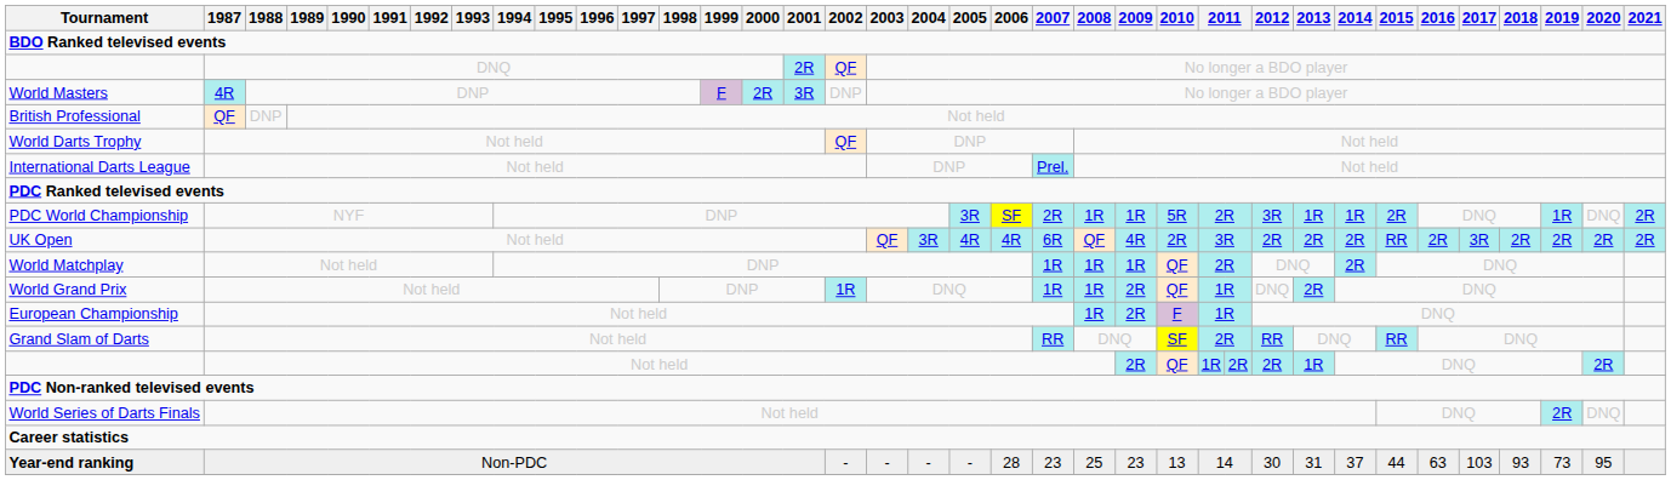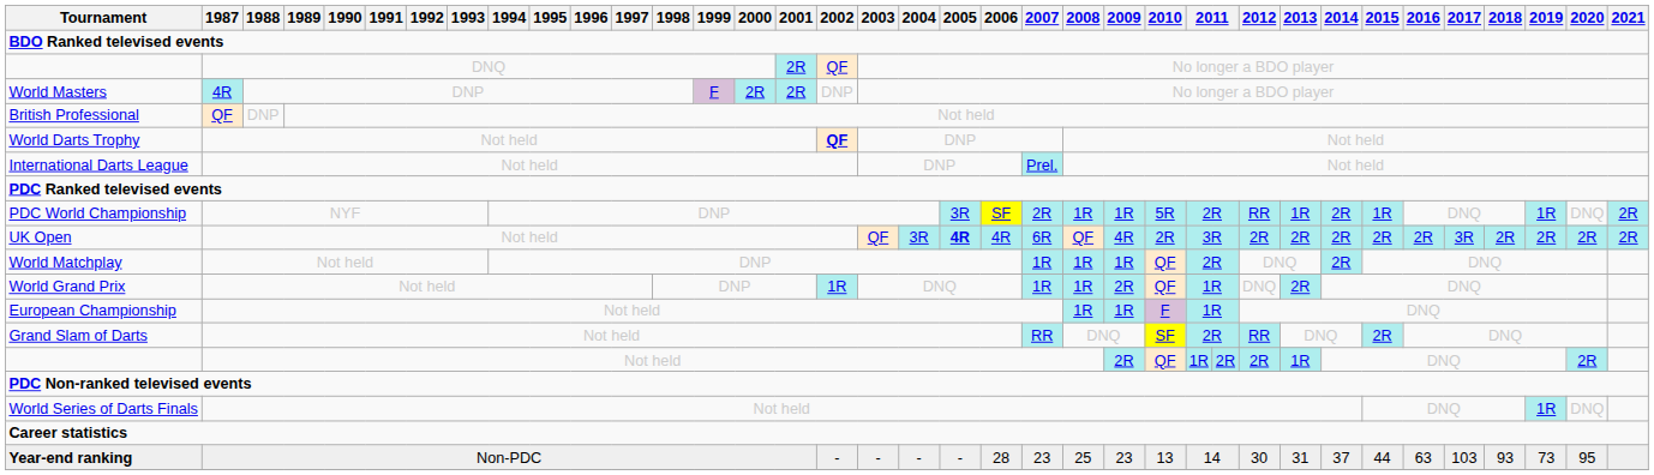 <table class=wikitable style=text-align:center;font-size:88%>
 <tr>
 <th>Tournament</th>
 <th>1987</th>
 <th>1988</th>
 <th>1989</th>
 <th>1990</th>
 <th>1991</th>
 <th>1992</th>
 <th>1993</th>
 <th>1994</th>
 <th>1995</th>
 <th>1996</th>
 <th>1997</th>
 <th>1998</th>
 <th>1999</th>
 <th>2000</th>
 <th>2001</th>
 <th>2002</th>
 <th>2003</th>
 <th>2004</th>
 <th>2005</th>
 <th>2006</th>
 <th><a href='#'>2007</a></th>
 <th><a href='#'>2008</a></th>
 <th><a href='#'>2009</a></th>
 <th><a href='#'>2010</a></th>
 <th colspan="2"><a href='#'>2011</a></th>
 <th><a href='#'>2012</a></th>
 <th><a href='#'>2013</a></th>
 <th><a href='#'>2014</a></th>
 <th><a href='#'>2015</a></th>
 <th><a href='#'>2016</a></th>
 <th><a href='#'>2017</a></th>
 <th><a href='#'>2018</a></th>
 <th><a href='#'>2019</a></th>
 <th><a href='#'>2020</a></th>
 <th><a href='#'>2021</a></th>
 </tr>
 <tr>
 <td colspan="37" align="left"><strong><a href='#'>BDO</a> Ranked televised events</strong></td>
 </tr>
 <tr>
 <td align=left></td>
 <td colspan="14" style="text-align:center; color:#ccc;">DNQ</td>
 <td style="text-align:center; background:#afeeee;"><a href='#'>2R</a></td>
 <td style="text-align:center; background:#ffebcd;"><a href='#'>QF</a></td>
 <td colspan="20" style="text-align:center; color:#ccc;">No longer a BDO player</td>
 </tr>
 <tr>
 <td align=left><a href='#'>World Masters</a></td>
 <td style="text-align:center; background:#afeeee;"><a href='#'>4R</a></td>
 <td colspan="11" style="text-align:center; color:#ccc;">DNP</td>
 <td style="text-align:center; background:thistle;"><a href='#'>F</a></td>
 <td style="text-align:center; background:#afeeee;"><a href='#'>2R</a></td>
-<td style="text-align:center; background:#afeeee;"><a href='#'>3R</a></td>
+<td style="text-align:center; background:#afeeee;"><a href='#'>2R</a></td>
 <td style="text-align:center; color:#ccc;">DNP</td>
 <td colspan="20" style="text-align:center; color:#ccc;">No longer a BDO player</td>
 </tr>
 <tr>
 <td align=left><a href='#'>British Professional</a></td>
 <td style="text-align:center; background:#ffebcd;"><a href='#'>QF</a></td>
 <td style="text-align:center; color:#ccc;">DNP</td>
 <td colspan="34" style="text-align:center; color:#ccc;">Not held</td>
 </tr>
 <tr>
 <td align=left><a href='#'>World Darts Trophy</a></td>
 <td colspan="15" style="text-align:center; color:#ccc;">Not held</td>
-<td style="text-align:center; background:#ffebcd;"><a href='#'>QF</a></td>
+<td style="text-align:center; background:#ffebcd;"><strong><a href='#'>QF</a></strong></td>
 <td colspan="5" style="text-align:center; color:#ccc;">DNP</td>
 <td colspan="15" style="text-align:center; color:#ccc;">Not held</td>
 </tr>
 <tr>
 <td align=left><a href='#'>International Darts League</a></td>
 <td colspan="16" style="text-align:center; color:#ccc;">Not held</td>
 <td colspan="4" style="text-align:center; color:#ccc;">DNP</td>
 <td style="text-align:center; background:#afeeee;"><a href='#'>Prel.</a></td>
 <td colspan="15" style="text-align:center; color:#ccc;">Not held</td>
 </tr>
 <tr>
 <td colspan="37" align="left"><strong><a href='#'>PDC</a> Ranked televised events</strong></td>
 </tr>
 <tr>
 <td align=left><a href='#'>PDC World Championship</a></td>
 <td colspan="7" style="text-align:center; color:#ccc;">NYF</td>
 <td colspan="11" style="text-align:center; color:#ccc;">DNP</td>
 <td style="text-align:center; background:#afeeee;"><a href='#'>3R</a></td>
 <td style="text-align:center; background:yellow;"><a href='#'>SF</a></td>
 <td style="text-align:center; background:#afeeee;"><a href='#'>2R</a></td>
 <td style="text-align:center; background:#afeeee;"><a href='#'>1R</a></td>
 <td style="text-align:center; background:#afeeee;"><a href='#'>1R</a></td>
 <td style="text-align:center; background:#afeeee;"><a href='#'>5R</a></td>
 <td style="text-align:center; background:#afeeee;" colspan="2"><a href='#'>2R</a></td>
-<td style="text-align:center; background:#afeeee;"><a href='#'>3R</a></td>
-<td style="text-align:center; background:#afeeee;"><a href='#'>1R</a></td>
+<td style="text-align:center; background:#afeeee;"><a href='#'>RR</a></td>
 <td style="text-align:center; background:#afeeee;"><a href='#'>1R</a></td>
 <td style="text-align:center; background:#afeeee;"><a href='#'>2R</a></td>
+<td style="text-align:center; background:#afeeee;"><a href='#'>1R</a></td>
 <td colspan="3" style="text-align:center; color:#ccc;">DNQ</td>
 <td style="text-align:center; background:#afeeee;"><a href='#'>1R</a></td>
 <td style="text-align:center; color:#ccc;">DNQ</td>
 <td style="text-align:center; background:#afeeee;"><a href='#'>2R</a></td>
 </tr>
 <tr>
 <td align=left><a href='#'>UK Open</a></td>
 <td colspan="16" style="text-align:center; color:#ccc;">Not held</td>
 <td style="text-align:center; background:#ffebcd;"><a href='#'>QF</a></td>
 <td style="text-align:center; background:#afeeee;"><a href='#'>3R</a></td>
-<td style="text-align:center; background:#afeeee;"><a href='#'>4R</a></td>
+<td style="text-align:center; background:#afeeee;"><strong><a href='#'>4R</a></strong></td>
 <td style="text-align:center; background:#afeeee;"><a href='#'>4R</a></td>
 <td style="text-align:center; background:#afeeee;"><a href='#'>6R</a></td>
 <td style="text-align:center; background:#ffebcd;"><a href='#'>QF</a></td>
 <td style="text-align:center; background:#afeeee;"><a href='#'>4R</a></td>
 <td style="text-align:center; background:#afeeee;"><a href='#'>2R</a></td>
 <td style="text-align:center; background:#afeeee;" colspan="2"><a href='#'>3R</a></td>
 <td style="text-align:center; background:#afeeee;"><a href='#'>2R</a></td>
 <td style="text-align:center; background:#afeeee;"><a href='#'>2R</a></td>
 <td style="text-align:center; background:#afeeee;"><a href='#'>2R</a></td>
-<td style="text-align:center; background:#afeeee;"><a href='#'>RR</a></td>
+<td style="text-align:center; background:#afeeee;"><a href='#'>2R</a></td>
 <td style="text-align:center; background:#afeeee;"><a href='#'>2R</a></td>
 <td style="text-align:center; background:#afeeee;"><a href='#'>3R</a></td>
 <td style="text-align:center; background:#afeeee;"><a href='#'>2R</a></td>
 <td style="text-align:center; background:#afeeee;"><a href='#'>2R</a></td>
 <td style="text-align:center; background:#afeeee;"><a href='#'>2R</a></td>
 <td style="text-align:center; background:#afeeee;"><a href='#'>2R</a></td>
 </tr>
 <tr>
 <td align=left><a href='#'>World Matchplay</a></td>
 <td colspan="7" style="text-align:center; color:#ccc;">Not held</td>
 <td colspan="13" style="text-align:center; color:#ccc;">DNP</td>
 <td style="text-align:center; background:#afeeee;"><a href='#'>1R</a></td>
 <td style="text-align:center; background:#afeeee;"><a href='#'>1R</a></td>
 <td style="text-align:center; background:#afeeee;"><a href='#'>1R</a></td>
 <td style="text-align:center; background:#ffebcd;"><a href='#'>QF</a></td>
 <td style="text-align:center; background:#afeeee;"  colspan="2"><a href='#'>2R</a></td>
 <td colspan="2" style="text-align:center; color:#ccc;">DNQ</td>
 <td style="text-align:center; background:#afeeee;"><a href='#'>2R</a></td>
 <td colspan="6" style="text-align:center; color:#ccc;">DNQ</td>
 <td></td>
 </tr>
 <tr>
 <td align=left><a href='#'>World Grand Prix</a></td>
 <td colspan="11" style="text-align:center; color:#ccc;">Not held</td>
 <td colspan="4" style="text-align:center; color:#ccc;">DNP</td>
 <td style="text-align:center; background:#afeeee;"><a href='#'>1R</a></td>
 <td colspan="4" style="text-align:center; color:#ccc;">DNQ</td>
 <td style="text-align:center; background:#afeeee;"><a href='#'>1R</a></td>
 <td style="text-align:center; background:#afeeee;"><a href='#'>1R</a></td>
 <td style="text-align:center; background:#afeeee;"><a href='#'>2R</a></td>
 <td style="text-align:center; background:#ffebcd;"><a href='#'>QF</a></td>
 <td style="text-align:center; background:#afeeee;" colspan="2"><a href='#'>1R</a></td>
 <td style="text-align:center; color:#ccc;">DNQ</td>
 <td style="text-align:center; background:#afeeee;"><a href='#'>2R</a></td>
 <td colspan="7" style="text-align:center; color:#ccc;">DNQ</td>
 <td></td>
 </tr>
 <tr>
 <td align=left><a href='#'>European Championship</a></td>
 <td colspan="21" style="text-align:center; color:#ccc;">Not held</td>
 <td style="text-align:center; background:#afeeee;"><a href='#'>1R</a></td>
-<td style="text-align:center; background:#afeeee;"><a href='#'>2R</a></td>
+<td style="text-align:center; background:#afeeee;"><a href='#'>1R</a></td>
 <td style="text-align:center; background:thistle;"><a href='#'>F</a></td>
 <td style="text-align:center; background:#afeeee;" colspan="2"><a href='#'>1R</a></td>
 <td colspan="9" style="text-align:center; color:#ccc;">DNQ</td>
 <td></td>
 </tr>
 <tr>
 <td align=left><a href='#'>Grand Slam of Darts</a></td>
 <td colspan="20" style="text-align:center; color:#ccc;">Not held</td>
 <td style="text-align:center; background:#afeeee;"><a href='#'>RR</a></td>
 <td colspan="2" style="text-align:center; color:#ccc;">DNQ</td>
 <td style="text-align:center; background:yellow;"><a href='#'>SF</a></td>
 <td style="text-align:center; background:#afeeee;" colspan="2"><a href='#'>2R</a></td>
 <td style="text-align:center; background:#afeeee;"><a href='#'>RR</a></td>
 <td colspan="2" style="text-align:center; color:#ccc;">DNQ</td>
-<td style="text-align:center; background:#afeeee;"><a href='#'>RR</a></td>
+<td style="text-align:center; background:#afeeee;"><a href='#'>2R</a></td>
 <td colspan="5" style="text-align:center; color:#ccc;">DNQ</td>
 <td></td>
 </tr>
 <tr>
 <td align=left></td>
 <td colspan="22" style="text-align:center; color:#ccc;">Not held</td>
 <td style="text-align:center; background:#afeeee;"><a href='#'>2R</a></td>
 <td style="text-align:center; background:#ffebcd;"><a href='#'>QF</a></td>
 <td style="text-align:center; background:#afeeee;"><a href='#'>1R</a></td>
 <td style="text-align:center; background:#afeeee;"><a href='#'>2R</a></td>
 <td style="text-align:center; background:#afeeee;"><a href='#'>2R</a></td>
 <td style="text-align:center; background:#afeeee;"><a href='#'>1R</a></td>
 <td colspan="6" style="text-align:center; color:#ccc;">DNQ</td>
 <td style="text-align:center; background:#afeeee;"><a href='#'>2R</a></td>
 <td></td>
 </tr>
 <tr>
 <td colspan="37" align="left"><strong><a href='#'>PDC</a> Non-ranked televised events</strong></td>
 </tr>
 <tr>
 <td align=left><a href='#'>World Series of Darts Finals</a></td>
 <td colspan="29" style="text-align:center; color:#ccc;">Not held</td>
 <td colspan="4" style="text-align:center; color:#ccc;">DNQ</td>
-<td style="text-align:center; background:#afeeee;"><a href='#'>2R</a></td>
+<td style="text-align:center; background:#afeeee;"><a href='#'>1R</a></td>
 <td style="text-align:center; color:#ccc;">DNQ</td>
 <td></td>
 </tr>
 <tr>
 <td colspan="37" align="left"><strong>Career statistics</strong></td>
 </tr>
 <tr bgcolor="efefef">
 <td align="left"><strong>Year-end ranking</strong></td>
 <td colspan="15" style="text-align:center;">Non-PDC</td>
 <td style="text-align:center;">-</td>
 <td style="text-align:center;">-</td>
 <td style="text-align:center;">-</td>
 <td style="text-align:center;">-</td>
 <td style="text-align:center;">28</td>
 <td style="text-align:center;">23</td>
 <td style="text-align:center;">25</td>
 <td style="text-align:center;">23</td>
 <td style="text-align:center;">13</td>
 <td colspan="2" style="text-align:center;">14</td>
 <td style="text-align:center;">30</td>
 <td style="text-align:center;">31</td>
 <td style="text-align:center;">37</td>
 <td style="text-align:center;">44</td>
 <td style="text-align:center;">63</td>
 <td style="text-align:center;">103</td>
 <td style="text-align:center;">93</td>
 <td style="text-align:center;">73</td>
 <td style="text-align:center;">95</td>
 <td></td>
 </tr>
 <tr>
 </tr>
 </table>
